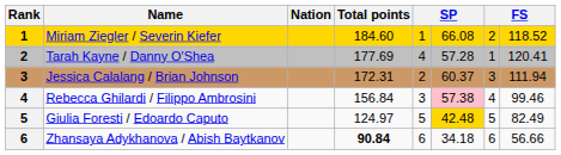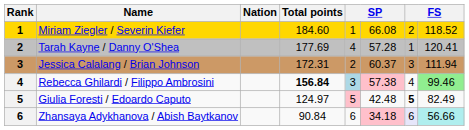 <table class="wikitable sortable">
 <tr>
 <th>Rank</th>
 <th>Name</th>
 <th>Nation</th>
 <th>Total points</th>
 <th colspan="2" width="80px"><a href='#'>SP</a></th>
 <th colspan="2" width="80px"><a href='#'>FS</a></th>
 </tr>
 <tr bgcolor="gold">
 <td align="center"><strong>1</strong></td>
 <td><a href='#'>Miriam Ziegler</a> / <a href='#'>Severin Kiefer</a></td>
 <td></td>
 <td align="center">184.60</td>
 <td align="center">1</td>
 <td align="center">66.08</td>
 <td align="center">2</td>
 <td align="center">118.52</td>
 </tr>
 <tr bgcolor="silver">
 <td align="center"><strong>2</strong></td>
 <td><a href='#'>Tarah Kayne</a> / <a href='#'>Danny O'Shea</a></td>
 <td></td>
 <td align="center">177.69</td>
 <td align="center">4</td>
 <td align="center">57.28</td>
 <td align="center">1</td>
 <td align="center">120.41</td>
 </tr>
 <tr bgcolor="cc9966">
 <td align="center"><strong>3</strong></td>
 <td><a href='#'>Jessica Calalang</a> / <a href='#'>Brian Johnson</a></td>
 <td></td>
 <td align="center">172.31</td>
 <td align="center">2</td>
 <td align="center">60.37</td>
 <td align="center">3</td>
 <td align="center">111.94</td>
 </tr>
 <tr>
 <th>4</th>
 <td><a href='#'>Rebecca Ghilardi</a> / <a href='#'>Filippo Ambrosini</a></td>
 <td></td>
-<td align="center">156.84</td>
-<td align="center">3</td>
+<td align="center"><strong>156.84</strong></td>
+<td align="center" style="background: lightblue;">3</td>
 <td align="center" style="background: pink;">57.38</td>
 <td align="center">4</td>
-<td align="center">99.46</td>
+<td align="center" style="background: lightgreen;">99.46</td>
 </tr>
 <tr>
 <th>5</th>
 <td><a href='#'>Giulia Foresti</a> / <a href='#'>Edoardo Caputo</a></td>
 <td></td>
 <td align="center">124.97</td>
-<td align="center">5</td>
-<td align="center" style="background: gold;">42.48</td>
-<td align="center">5</td>
+<td align="center" style="background: pink;">5</td>
+<td align="center">42.48</td>
+<td align="center"><strong>5</strong></td>
 <td align="center">82.49</td>
 </tr>
 <tr>
 <th>6</th>
 <td><a href='#'>Zhansaya Adykhanova</a> / <a href='#'>Abish Baytkanov</a></td>
 <td></td>
-<td align="center"><strong>90.84</strong></td>
+<td align="center">90.84</td>
 <td align="center">6</td>
-<td align="center">34.18</td>
-<td align="center">6</td>
-<td align="center">56.66</td>
+<td align="center" style="background: pink;">34.18</td>
+<td align="center" style="background: lavender;">6</td>
+<td align="center" style="background: paleturquoise;">56.66</td>
 </tr>
 </table>
